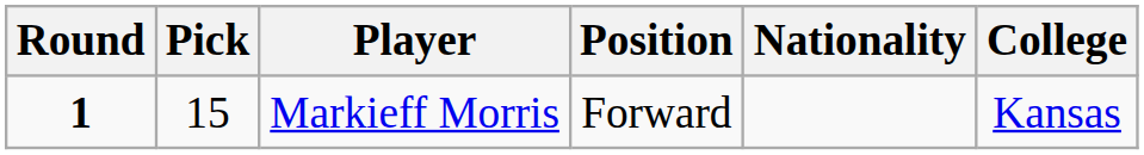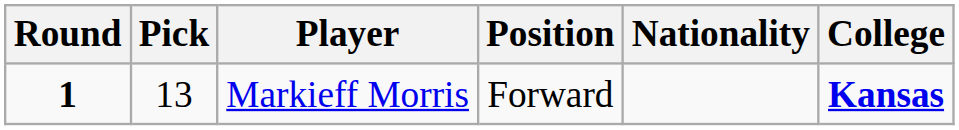 <table class="wikitable sortable sortable">
 <tr>
 <th>Round</th>
 <th>Pick</th>
 <th>Player</th>
 <th>Position</th>
 <th>Nationality</th>
 <th>College</th>
 </tr>
 <tr style="text-align: center">
 <td><strong>1</strong></td>
-<td>15</td>
+<td>13</td>
 <td><a href='#'>Markieff Morris</a></td>
 <td>Forward</td>
 <td></td>
-<td><a href='#'>Kansas</a></td>
+<td><strong><a href='#'>Kansas</a></strong></td>
 </tr>
 </table>
